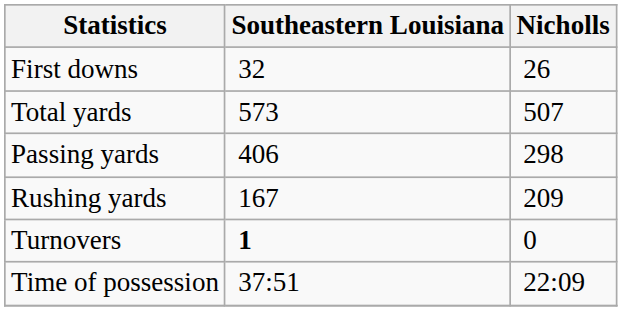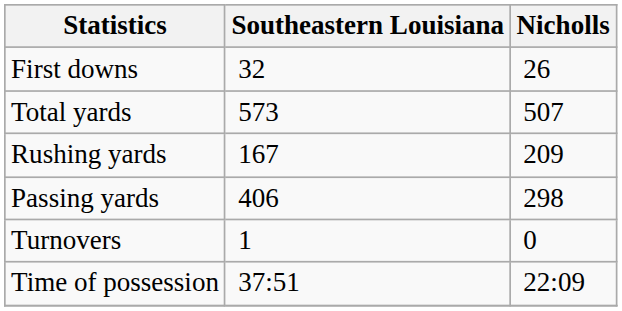 <table class="wikitable">
 <tr>
 <th>Statistics</th>
 <th>Southeastern Louisiana</th>
 <th>Nicholls</th>
 </tr>
 <tr>
 <td>First downs</td>
 <td> 32</td>
 <td> 26</td>
 </tr>
 <tr>
 <td>Total yards</td>
 <td> 573</td>
 <td> 507</td>
 </tr>
 <tr>
+<td>Rushing yards</td>
+<td> 167</td>
+<td> 209</td>
+</tr>
+<tr>
 <td>Passing yards</td>
 <td> 406</td>
 <td> 298</td>
 </tr>
 <tr>
-<td>Rushing yards</td>
-<td> 167</td>
-<td> 209</td>
-</tr>
-<tr>
 <td>Turnovers</td>
-<td><strong> 1</strong></td>
+<td> 1</td>
 <td> 0</td>
 </tr>
 <tr>
 <td>Time of possession</td>
 <td> 37:51</td>
 <td> 22:09</td>
 </tr>
 <tr>
 </tr>
 </table>
